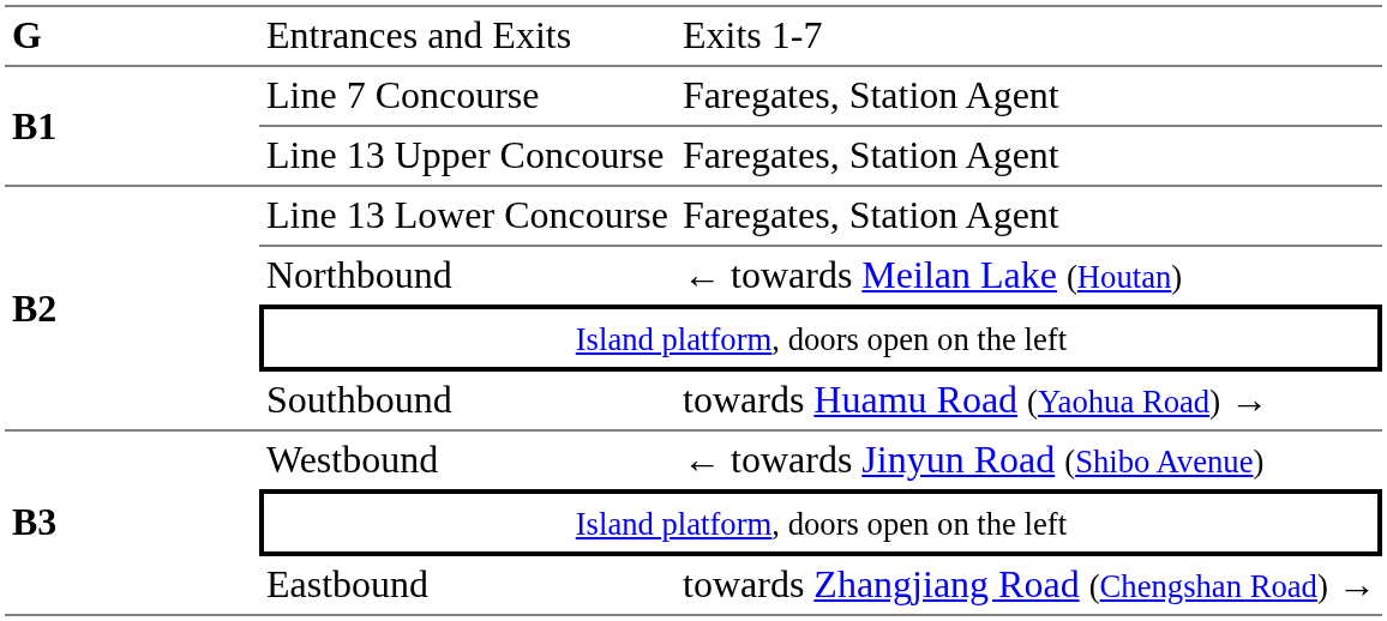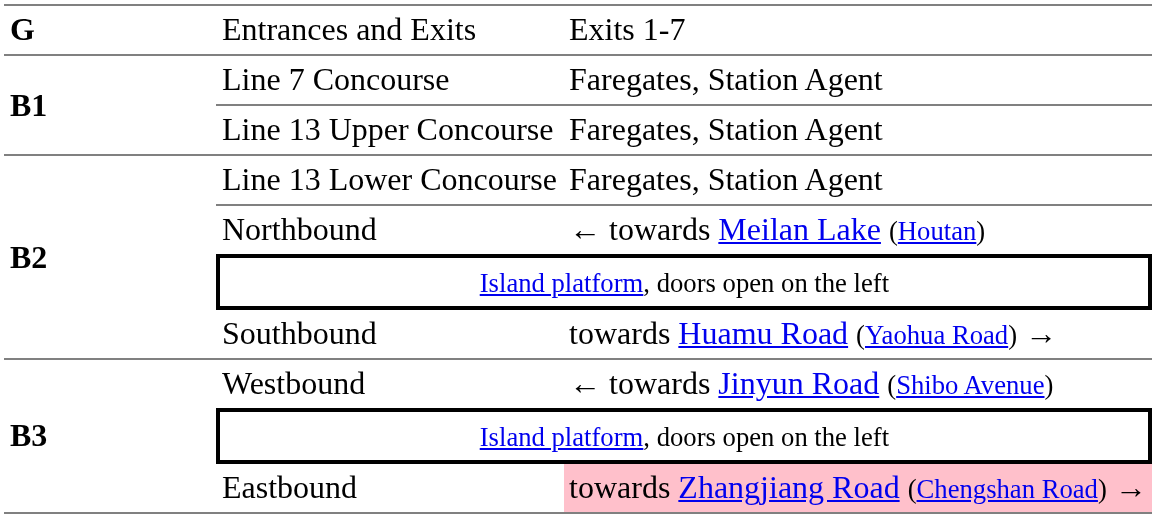 <table cellspacing=0 cellpadding=3>
 <tr>
 <td style="border-top:solid 1px gray;border-bottom:solid 1px gray;" width=100><strong>G</strong></td>
 <td style="border-top:solid 1px gray;border-bottom:solid 1px gray;">Entrances and Exits</td>
 <td style="border-top:solid 1px gray;border-bottom:solid 1px gray;">Exits 1-7</td>
 </tr>
 <tr>
 <td style="border-bottom:solid 1px gray;"rowspan=2><strong>B1</strong></td>
 <td style="border-bottom:solid 1px gray;">Line 7 Concourse</td>
 <td style="border-bottom:solid 1px gray;">Faregates, Station Agent</td>
 </tr>
 <tr>
 <td style="border-bottom:solid 1px gray;">Line 13 Upper Concourse</td>
 <td style="border-bottom:solid 1px gray;">Faregates, Station Agent</td>
 </tr>
 <tr>
 <td style="border-bottom:solid 1px gray;" rowspan=4><strong>B2</strong></td>
 <td style="border-bottom:solid 1px gray;">Line 13 Lower Concourse</td>
 <td style="border-bottom:solid 1px gray;">Faregates, Station Agent</td>
 </tr>
 <tr>
 <td>Northbound</td>
 <td>←  towards <a href='#'>Meilan Lake</a> <small>(<a href='#'>Houtan</a>)</small></td>
 </tr>
 <tr>
 <td style="border-right:solid 2px black;border-left:solid 2px black;border-top:solid 2px black;border-bottom:solid 2px black;text-align:center;" colspan=2><small><a href='#'>Island platform</a>, doors open on the left</small></td>
 </tr>
 <tr>
 <td style="border-bottom:solid 1px gray;">Southbound</td>
 <td style="border-bottom:solid 1px gray;">  towards <a href='#'>Huamu Road</a> <small>(<a href='#'>Yaohua Road</a>)</small> →</td>
 </tr>
 <tr>
 <td style="border-bottom:solid 1px gray;" rowspan=3><strong>B3</strong></td>
 <td>Westbound</td>
 <td>←  towards <a href='#'>Jinyun Road</a> <small>(<a href='#'>Shibo Avenue</a>)</small></td>
 </tr>
 <tr>
 <td style="border-right:solid 2px black;border-left:solid 2px black;border-top:solid 2px black;border-bottom:solid 2px black;text-align:center;" colspan=2><small><a href='#'>Island platform</a>, doors open on the left</small></td>
 </tr>
 <tr>
 <td style="border-bottom:solid 1px gray;">Eastbound</td>
-<td style="border-bottom:solid 1px gray;">  towards <a href='#'>Zhangjiang Road</a> <small>(<a href='#'>Chengshan Road</a>)</small> →</td>
+<td style="background: pink; border-bottom:solid 1px gray;">  towards <a href='#'>Zhangjiang Road</a> <small>(<a href='#'>Chengshan Road</a>)</small> →</td>
 </tr>
 </table>
